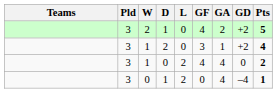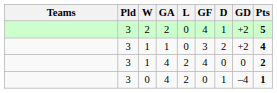 <table class="wikitable" style="text-align: center;">
 <tr>
 <th width=165>Teams</th>
 <th width=20>Pld</th>
 <th width=20>W</th>
-<th width=20>D</th>
+<th width=20>GA</th>
 <th width=20>L</th>
 <th width=20>GF</th>
-<th width=20>GA</th>
+<th width=20>D</th>
 <th width=20>GD</th>
 <th width=20>Pts</th>
 </tr>
 <tr align=center style="background:#ccffcc;">
 <td style="text-align:left;"></td>
 <td>3</td>
 <td>2</td>
-<td>1</td>
+<td>2</td>
 <td>0</td>
 <td>4</td>
-<td>2</td>
+<td>1</td>
 <td>+2</td>
 <td><strong>5</strong></td>
 </tr>
 <tr align=center>
 <td style="text-align:left;"></td>
 <td>3</td>
 <td>1</td>
-<td>2</td>
+<td>1</td>
 <td>0</td>
 <td>3</td>
-<td>1</td>
+<td>2</td>
 <td>+2</td>
 <td><strong>4</strong></td>
 </tr>
 <tr align=center>
 <td style="text-align:left;"></td>
 <td>3</td>
 <td>1</td>
-<td>0</td>
+<td>4</td>
 <td>2</td>
 <td>4</td>
-<td>4</td>
+<td>0</td>
 <td>0</td>
 <td><strong>2</strong></td>
 </tr>
 <tr align=center>
 <td style="text-align:left;"></td>
 <td>3</td>
 <td>0</td>
-<td>1</td>
+<td>4</td>
 <td>2</td>
 <td>0</td>
-<td>4</td>
+<td>1</td>
 <td>–4</td>
 <td><strong>1</strong></td>
 </tr>
 </table>
